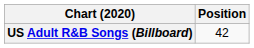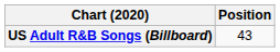 <table class="wikitable sortable plainrowheaders" style="text-align:center">
 <tr>
 <th scope="col">Chart (2020)</th>
 <th scope="col">Position</th>
 </tr>
 <tr>
 <th scope="row">US <a href='#'>Adult R&B Songs</a> (<em>Billboard</em>)</th>
-<td>42</td>
+<td>43</td>
 </tr>
 </table>
